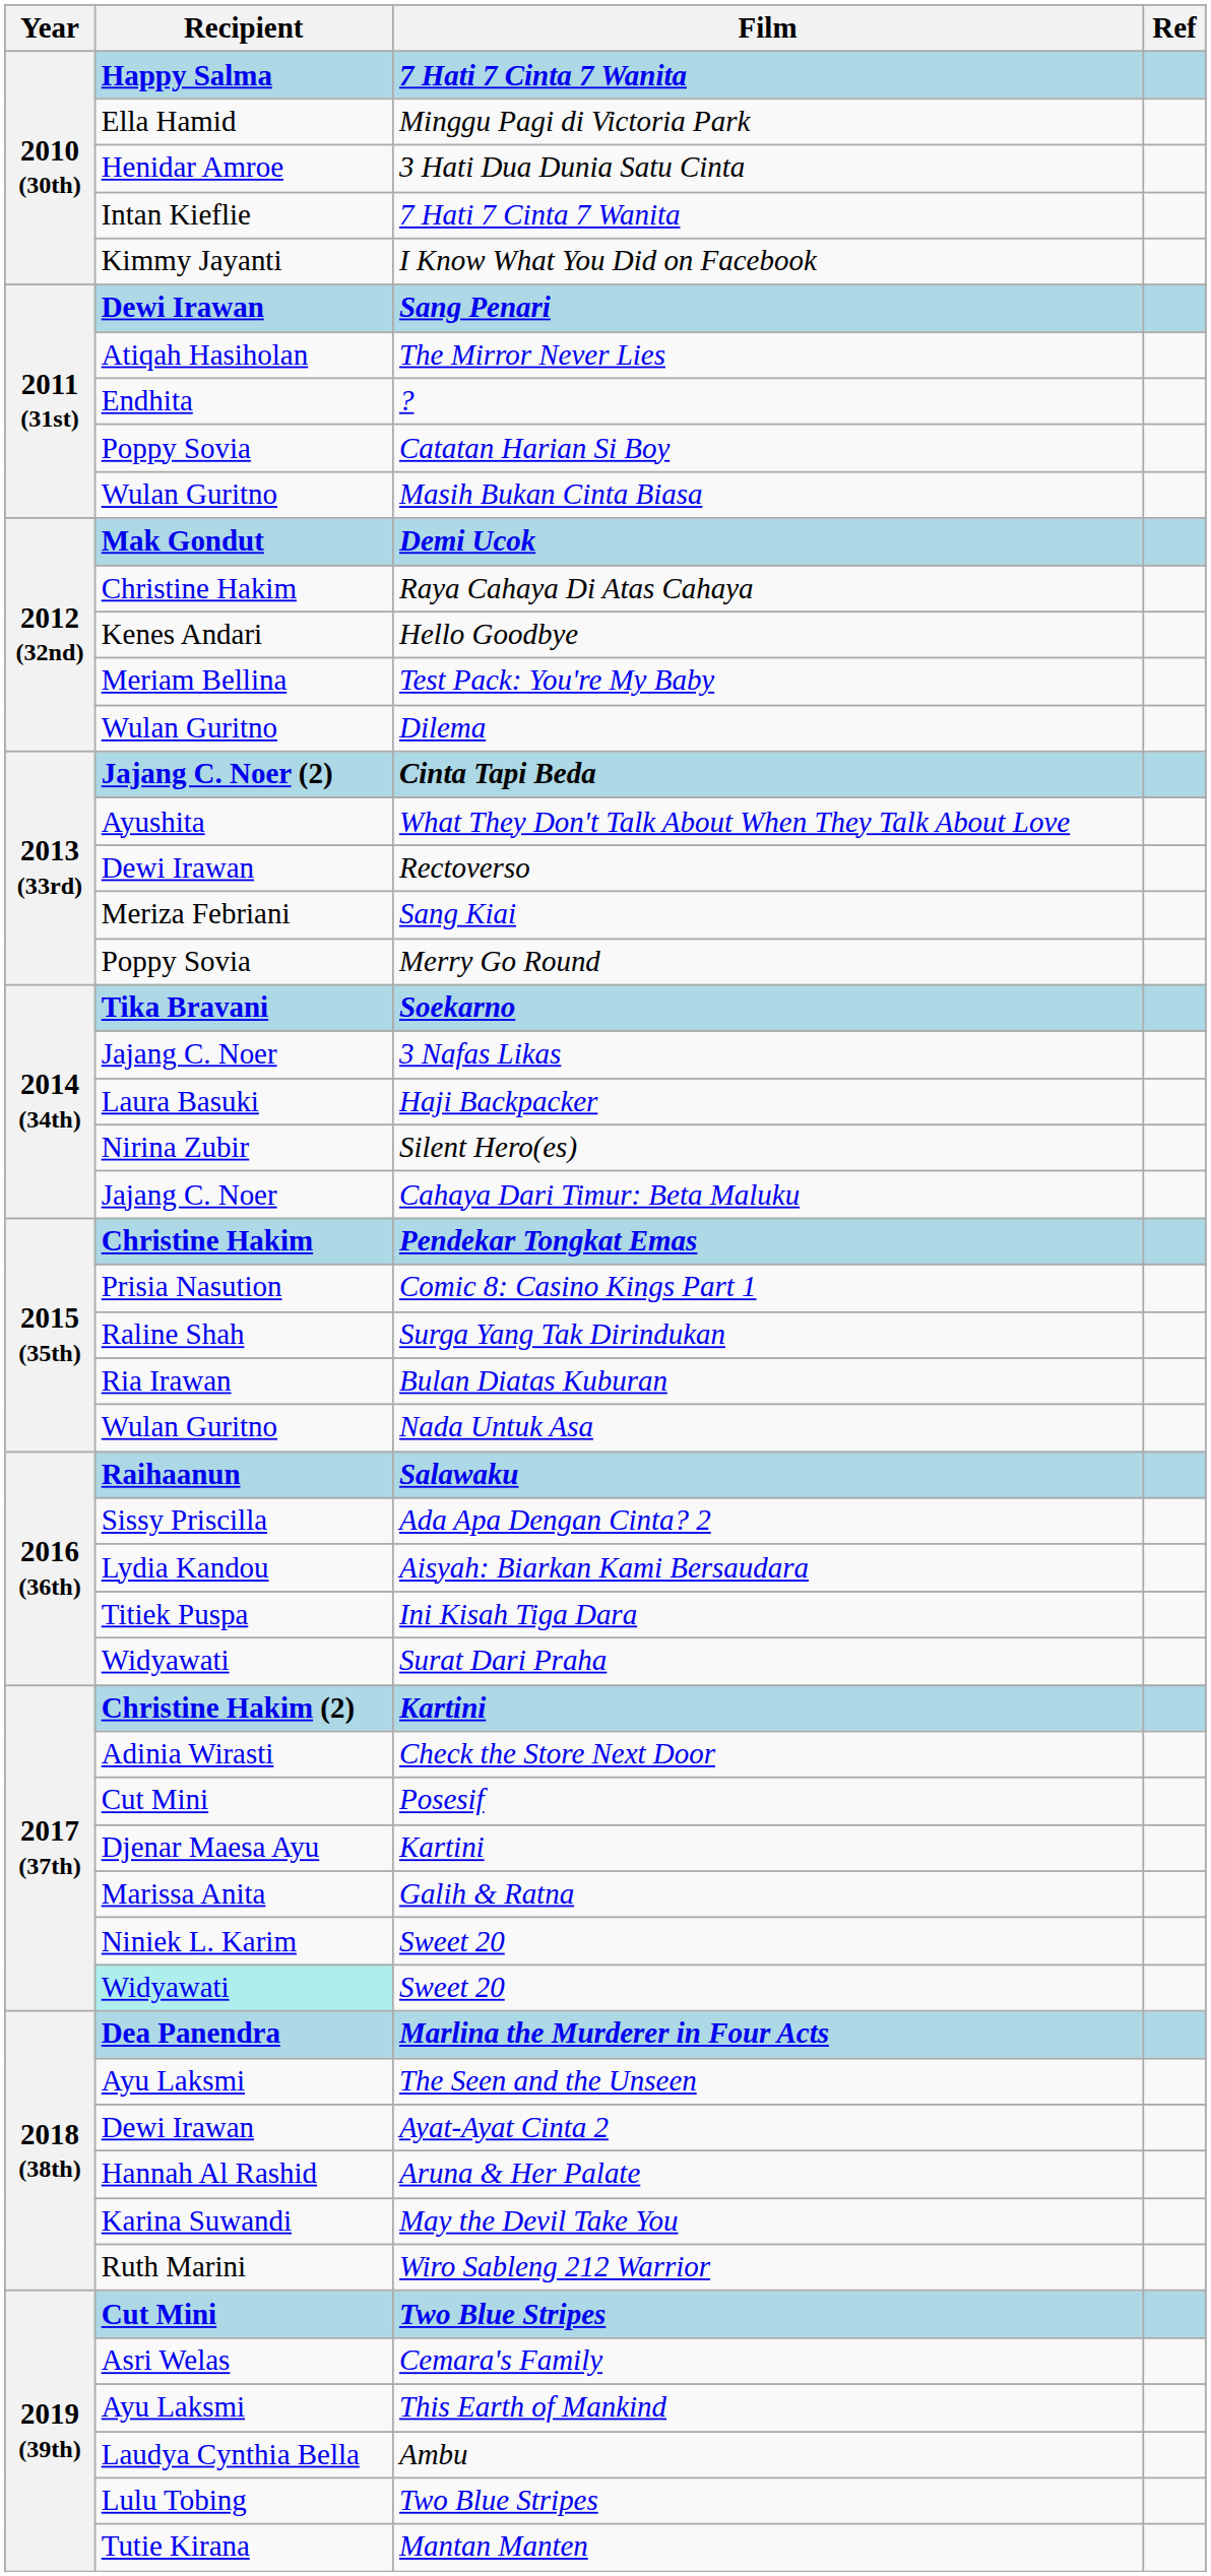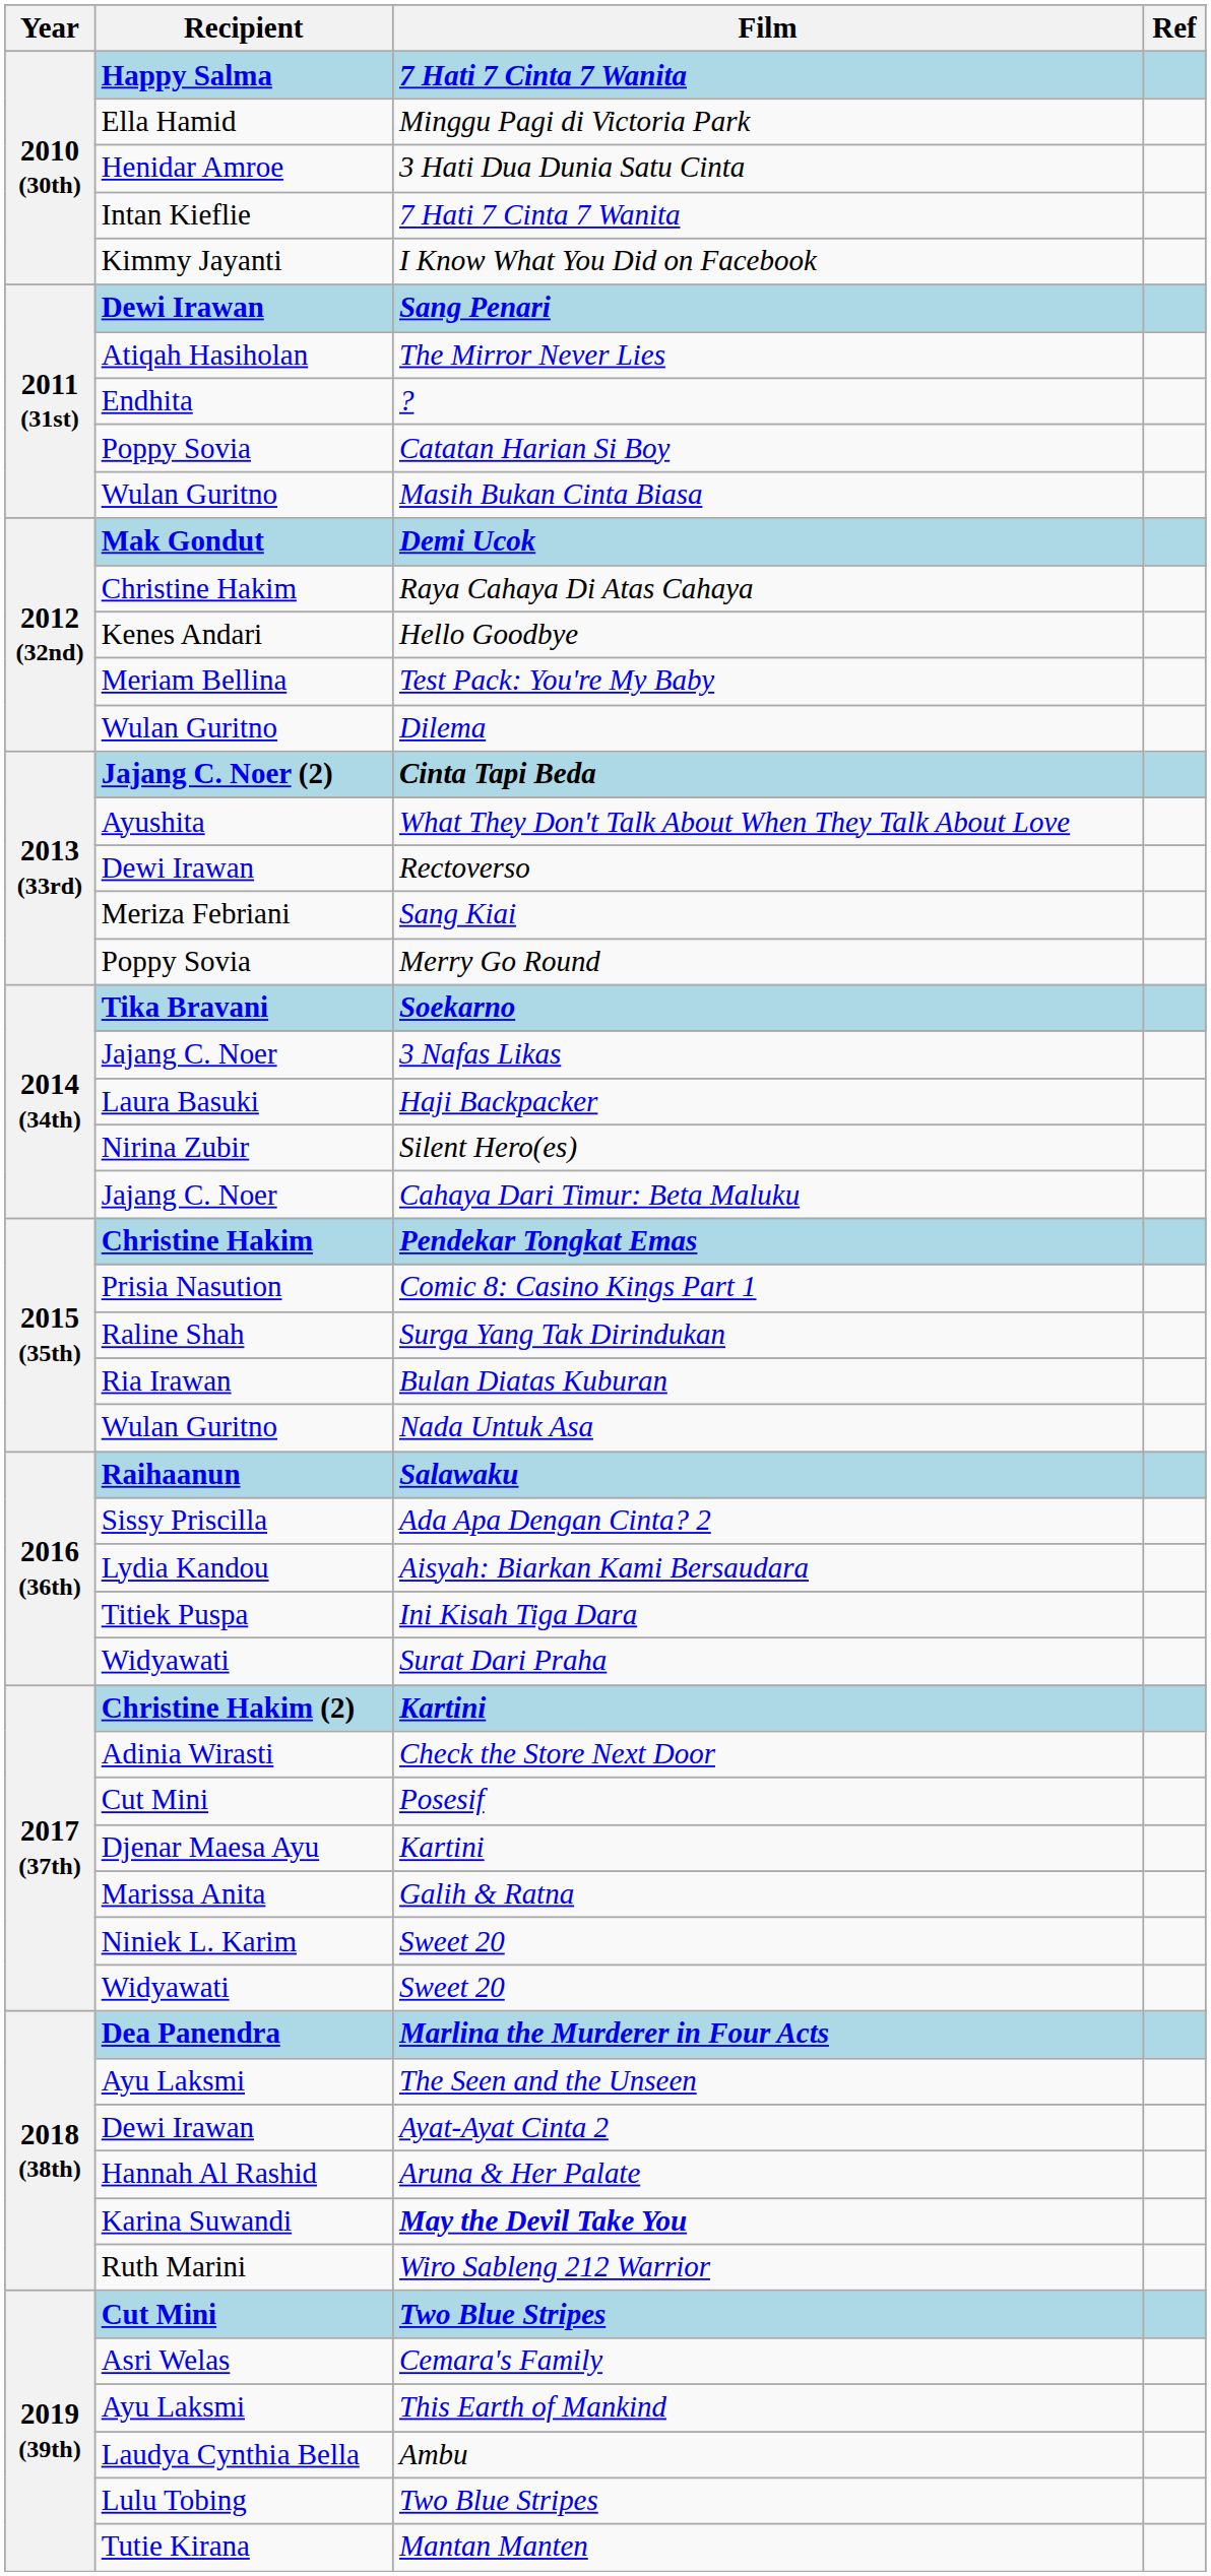 <table class="wikitable plainrowheaders sortable" style="width: 74%;">
 <tr>
 <th scope="col">Year</th>
 <th scope="col">Recipient</th>
 <th scope="col">Film</th>
 <th scope="col" class="unsortable">Ref</th>
 </tr>
 <tr>
 <th scope="row" rowspan="5" style="text-align:center;"><strong>2010</strong><br><small>(30th)</small></th>
 <td scope="row" style="background:lightblue;"><strong><a href='#'>Happy Salma</a></strong></td>
 <td style="background:lightblue;"><strong><em><a href='#'>7 Hati 7 Cinta 7 Wanita</a></em></strong></td>
 <td style="background:lightblue;"></td>
 </tr>
 <tr>
 <td scope="row">Ella Hamid</td>
 <td><em>Minggu Pagi di Victoria Park</em></td>
 <td></td>
 </tr>
 <tr>
 <td scope="row"><a href='#'>Henidar Amroe</a></td>
 <td><em>3 Hati Dua Dunia Satu Cinta</em></td>
 <td></td>
 </tr>
 <tr>
 <td scope="row">Intan Kieflie</td>
 <td><em><a href='#'>7 Hati 7 Cinta 7 Wanita</a></em></td>
 <td></td>
 </tr>
 <tr>
 <td scope="row">Kimmy Jayanti</td>
 <td><em>I Know What You Did on Facebook</em></td>
 <td></td>
 </tr>
 <tr>
 <th scope="row" rowspan="5" style="text-align:center;"><strong>2011</strong><br><small>(31st)</small></th>
 <td scope="row" style="background:lightblue;"><strong><a href='#'>Dewi Irawan</a></strong></td>
 <td style="background:lightblue;"><strong><em><a href='#'>Sang Penari</a></em></strong></td>
 <td style="background:lightblue;"></td>
 </tr>
 <tr>
 <td scope="row"><a href='#'>Atiqah Hasiholan</a></td>
 <td><em><a href='#'>The Mirror Never Lies</a></em></td>
 <td></td>
 </tr>
 <tr>
 <td scope="row"><a href='#'>Endhita</a></td>
 <td><em><a href='#'>?</a></em></td>
 <td></td>
 </tr>
 <tr>
 <td scope="row"><a href='#'>Poppy Sovia</a></td>
 <td><em><a href='#'>Catatan Harian Si Boy</a></em></td>
 <td></td>
 </tr>
 <tr>
 <td scope="row"><a href='#'>Wulan Guritno</a></td>
 <td><em><a href='#'>Masih Bukan Cinta Biasa</a></em></td>
 <td></td>
 </tr>
 <tr>
 <th scope="row" rowspan="5" style="text-align:center;"><strong>2012</strong><br><small>(32nd)</small></th>
 <td scope="row" style="background:lightblue;"><strong><a href='#'>Mak Gondut</a></strong></td>
 <td style="background:lightblue;"><strong><em><a href='#'>Demi Ucok</a></em></strong></td>
 <td style="background:lightblue;"></td>
 </tr>
 <tr>
 <td scope="row"><a href='#'>Christine Hakim</a></td>
 <td><em>Raya Cahaya Di Atas Cahaya</em></td>
 <td></td>
 </tr>
 <tr>
 <td scope="row">Kenes Andari</td>
 <td><em>Hello Goodbye</em></td>
 <td></td>
 </tr>
 <tr>
 <td scope="row"><a href='#'>Meriam Bellina</a></td>
 <td><em><a href='#'>Test Pack: You're My Baby</a></em></td>
 <td></td>
 </tr>
 <tr>
 <td scope="row"><a href='#'>Wulan Guritno</a></td>
 <td><em><a href='#'>Dilema</a></em></td>
 <td></td>
 </tr>
 <tr>
 <th scope="row" rowspan="5" style="text-align:center;"><strong>2013</strong><br><small>(33rd)</small></th>
 <td scope="row" style="background:lightblue;"><strong><a href='#'>Jajang C. Noer</a> (2)</strong></td>
 <td style="background:lightblue;"><strong><em>Cinta Tapi Beda</em></strong></td>
 <td style="background:lightblue;"></td>
 </tr>
 <tr>
 <td scope="row"><a href='#'>Ayushita</a></td>
 <td><em><a href='#'>What They Don't Talk About When They Talk About Love</a></em></td>
 <td></td>
 </tr>
 <tr>
 <td scope="row"><a href='#'>Dewi Irawan</a></td>
 <td><em>Rectoverso</em></td>
 <td></td>
 </tr>
 <tr>
 <td scope="row">Meriza Febriani</td>
 <td><em><a href='#'>Sang Kiai</a></em></td>
 <td></td>
 </tr>
 <tr>
 <td scope="row">Poppy Sovia</td>
 <td><em>Merry Go Round</em></td>
 <td></td>
 </tr>
 <tr>
 <th scope="row" rowspan="5" style="text-align:center;"><strong>2014</strong><br><small>(34th)</small></th>
 <td scope="row" style="background:lightblue;"><strong><a href='#'>Tika Bravani</a></strong></td>
 <td style="background:lightblue;"><strong><em><a href='#'>Soekarno</a></em></strong></td>
 <td style="background:lightblue;"></td>
 </tr>
 <tr>
 <td scope="row"><a href='#'>Jajang C. Noer</a></td>
 <td><em><a href='#'>3 Nafas Likas</a></em></td>
 <td></td>
 </tr>
 <tr>
 <td scope="row"><a href='#'>Laura Basuki</a></td>
 <td><em><a href='#'>Haji Backpacker</a></em></td>
 <td></td>
 </tr>
 <tr>
 <td scope="row"><a href='#'>Nirina Zubir</a></td>
 <td><em>Silent Hero(es)</em></td>
 <td></td>
 </tr>
 <tr>
 <td scope="row"><a href='#'>Jajang C. Noer</a></td>
 <td><em><a href='#'>Cahaya Dari Timur: Beta Maluku</a></em></td>
 <td></td>
 </tr>
 <tr>
 <th scope="row" rowspan="5" style="text-align:center;"><strong>2015</strong><br><small>(35th)</small></th>
 <td scope="row" style="background:lightblue;"><strong><a href='#'>Christine Hakim</a></strong></td>
 <td style="background:lightblue;"><strong><em><a href='#'>Pendekar Tongkat Emas</a></em></strong></td>
 <td style="background:lightblue;"></td>
 </tr>
 <tr>
 <td scope="row"><a href='#'>Prisia Nasution</a></td>
 <td><em><a href='#'>Comic 8: Casino Kings Part 1</a></em></td>
 <td></td>
 </tr>
 <tr>
 <td scope="row"><a href='#'>Raline Shah</a></td>
 <td><em><a href='#'>Surga Yang Tak Dirindukan</a></em></td>
 <td></td>
 </tr>
 <tr>
 <td scope="row"><a href='#'>Ria Irawan</a></td>
 <td><em><a href='#'>Bulan Diatas Kuburan</a></em></td>
 <td></td>
 </tr>
 <tr>
 <td scope="row"><a href='#'>Wulan Guritno</a></td>
 <td><em><a href='#'>Nada Untuk Asa</a></em></td>
 <td></td>
 </tr>
 <tr>
 <th scope="row" rowspan="5" style="text-align:center;"><strong>2016</strong><br><small>(36th)</small></th>
 <td scope="row" scope="row" style="background:lightblue;"><strong><a href='#'>Raihaanun</a></strong></td>
 <td style="background:lightblue;"><strong><em><a href='#'>Salawaku</a></em></strong></td>
 <td style="background:lightblue;"></td>
 </tr>
 <tr>
 <td scope="row"><a href='#'>Sissy Priscilla</a></td>
 <td><em><a href='#'>Ada Apa Dengan Cinta? 2</a></em></td>
 <td></td>
 </tr>
 <tr>
 <td scope="row"><a href='#'>Lydia Kandou</a></td>
 <td><em><a href='#'>Aisyah: Biarkan Kami Bersaudara</a></em></td>
 <td></td>
 </tr>
 <tr>
 <td scope="row"><a href='#'>Titiek Puspa</a></td>
 <td><em><a href='#'>Ini Kisah Tiga Dara</a></em></td>
 <td></td>
 </tr>
 <tr>
 <td scope="row"><a href='#'>Widyawati</a></td>
 <td><em><a href='#'>Surat Dari Praha</a></em></td>
 <td></td>
 </tr>
 <tr>
 <th scope="row" rowspan="7" style="text-align:center;"><strong>2017</strong><br><small>(37th)</small></th>
 <td scope="row" scope="row" style="background:lightblue;"><strong><a href='#'>Christine Hakim</a> (2)</strong></td>
 <td style="background:lightblue;"><strong><em><a href='#'>Kartini</a></em></strong></td>
 <td style="background:lightblue;"></td>
 </tr>
 <tr>
 <td scope="row"><a href='#'>Adinia Wirasti</a></td>
 <td><em><a href='#'>Check the Store Next Door</a></em></td>
 <td></td>
 </tr>
 <tr>
 <td scope="row"><a href='#'>Cut Mini</a></td>
 <td><em><a href='#'>Posesif</a></em></td>
 <td></td>
 </tr>
 <tr>
 <td scope="row"><a href='#'>Djenar Maesa Ayu</a></td>
 <td><a href='#'><em>Kartini</em></a></td>
 <td></td>
 </tr>
 <tr>
 <td scope="row"><a href='#'>Marissa Anita</a></td>
 <td><em><a href='#'>Galih & Ratna</a></em></td>
 <td></td>
 </tr>
 <tr>
 <td scope="row"><a href='#'>Niniek L. Karim</a></td>
 <td><em><a href='#'>Sweet 20</a></em></td>
 <td></td>
 </tr>
 <tr>
-<td scope="row" style="background: paleturquoise;"><a href='#'>Widyawati</a></td>
+<td scope="row"><a href='#'>Widyawati</a></td>
 <td><em><a href='#'>Sweet 20</a></em></td>
 <td></td>
 </tr>
 <tr>
 <th scope="row" rowspan="6" style="text-align:center;"><strong>2018</strong><br><small>(38th)</small></th>
 <td scope="row" scope="row" style="background:lightblue;"><strong><a href='#'>Dea Panendra</a></strong></td>
 <td style="background:lightblue;"><strong><em><a href='#'>Marlina the Murderer in Four Acts</a></em></strong></td>
 <td style="background:lightblue;"></td>
 </tr>
 <tr>
 <td scope="row"><a href='#'>Ayu Laksmi</a></td>
 <td><em><a href='#'>The Seen and the Unseen</a></em></td>
 <td></td>
 </tr>
 <tr>
 <td scope="row"><a href='#'>Dewi Irawan</a></td>
 <td><em><a href='#'>Ayat-Ayat Cinta 2</a></em></td>
 <td></td>
 </tr>
 <tr>
 <td scope="row"><a href='#'>Hannah Al Rashid</a></td>
 <td><em><a href='#'>Aruna & Her Palate</a></em></td>
 <td></td>
 </tr>
 <tr>
 <td scope="row"><a href='#'>Karina Suwandi</a></td>
-<td><em><a href='#'>May the Devil Take You</a></em></td>
+<td><strong><em><a href='#'>May the Devil Take You</a></em></strong></td>
 <td></td>
 </tr>
 <tr>
 <td scope="row">Ruth Marini</td>
 <td><em><a href='#'>Wiro Sableng 212 Warrior</a></em></td>
 <td></td>
 </tr>
 <tr>
 <th scope="row" rowspan="6" style="text-align:center;"><strong>2019</strong><br><small>(39th)</small></th>
 <td scope="row" scope="row" style="background:lightblue;"><strong><a href='#'>Cut Mini</a></strong></td>
 <td style="background:lightblue;"><strong><em><a href='#'>Two Blue Stripes</a></em></strong></td>
 <td style="background:lightblue;"></td>
 </tr>
 <tr>
 <td scope="row"><a href='#'>Asri Welas</a></td>
 <td><em><a href='#'>Cemara's Family</a></em></td>
 <td></td>
 </tr>
 <tr>
 <td scope="row"><a href='#'>Ayu Laksmi</a></td>
 <td><a href='#'><em>This Earth of Mankind</em></a></td>
 <td></td>
 </tr>
 <tr>
 <td scope="row"><a href='#'>Laudya Cynthia Bella</a></td>
 <td><em>Ambu</em></td>
 <td></td>
 </tr>
 <tr>
 <td scope="row"><a href='#'>Lulu Tobing</a></td>
 <td><em><a href='#'>Two Blue Stripes</a></em></td>
 <td></td>
 </tr>
 <tr>
 <td scope="row"><a href='#'>Tutie Kirana</a></td>
 <td><em><a href='#'>Mantan Manten</a></em></td>
 <td></td>
 </tr>
 </table>
